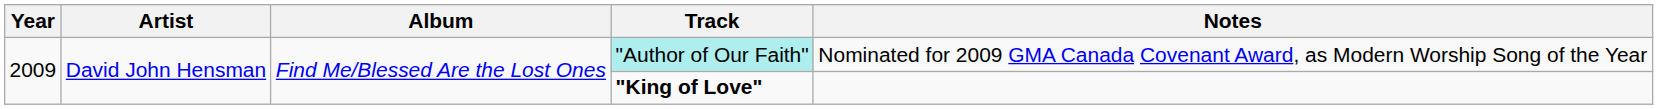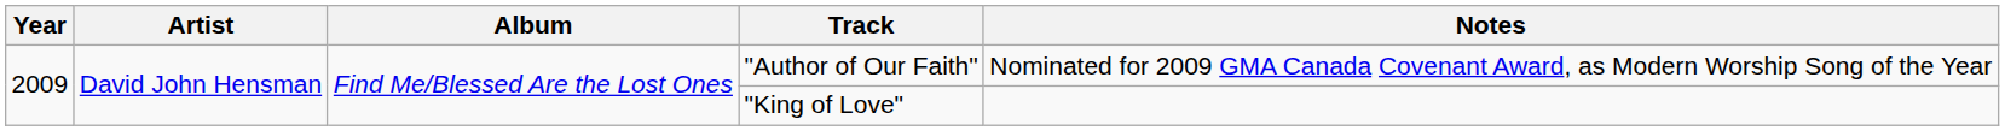 <table class="wikitable">
 <tr>
 <th>Year</th>
 <th>Artist</th>
 <th>Album</th>
 <th>Track</th>
 <th>Notes</th>
 </tr>
 <tr>
 <td rowspan="2">2009</td>
 <td rowspan="2"><a href='#'>David John Hensman</a></td>
 <td rowspan="2"><em><a href='#'>Find Me/Blessed Are the Lost Ones</a></em></td>
-<td align="left" style="background: paleturquoise;">"Author of Our Faith"</td>
+<td align="left">"Author of Our Faith"</td>
 <td align="left">Nominated for 2009 <a href='#'>GMA Canada</a> <a href='#'>Covenant Award</a>, as Modern Worship Song of the Year</td>
 </tr>
 <tr>
-<td align="left"><strong>"King of Love"</strong></td>
+<td align="left">"King of Love"</td>
 <td align="left"></td>
 </tr>
 </table>
